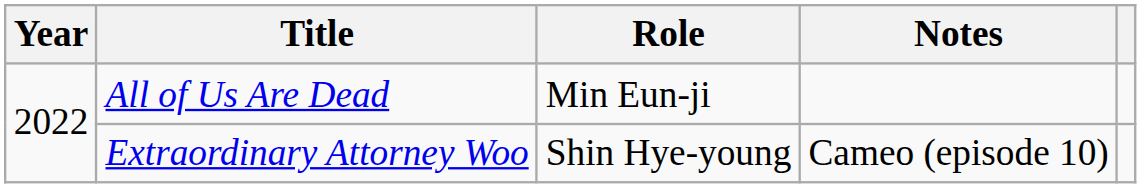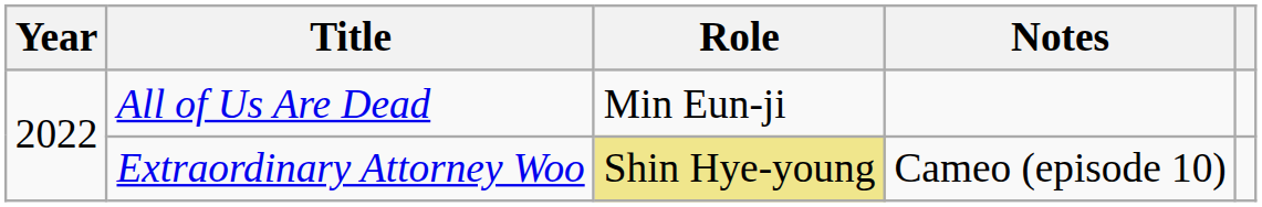 <table class="wikitable sortable plainrowheaders">
 <tr>
 <th scope="col">Year</th>
 <th scope="col">Title</th>
 <th scope="col">Role</th>
 <th>Notes</th>
 <th scope="col" class="unsortable"></th>
 </tr>
 <tr>
 <td rowspan="2">2022</td>
 <td><em><a href='#'>All of Us Are Dead</a></em></td>
 <td>Min Eun-ji</td>
 <td></td>
 <td></td>
 </tr>
 <tr>
 <td><em><a href='#'>Extraordinary Attorney Woo</a></em></td>
-<td>Shin Hye-young</td>
+<td style="background: khaki;">Shin Hye-young</td>
 <td>Cameo (episode 10)</td>
 <td></td>
 </tr>
 </table>
